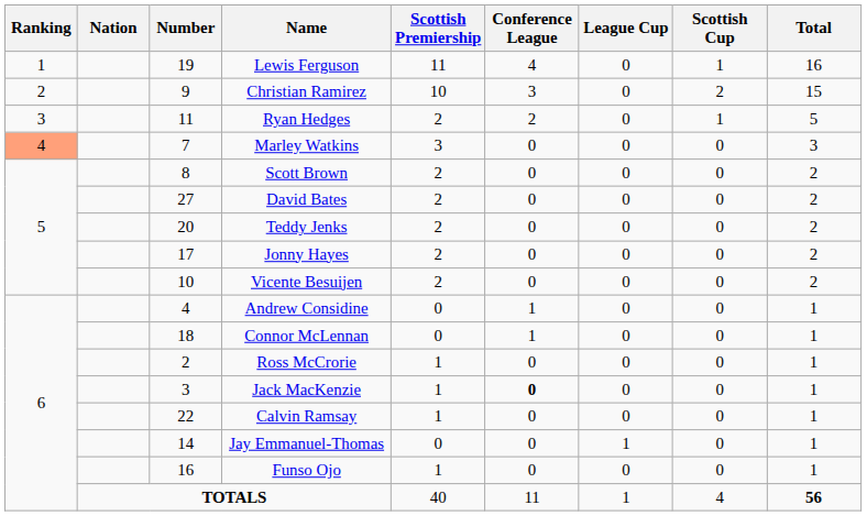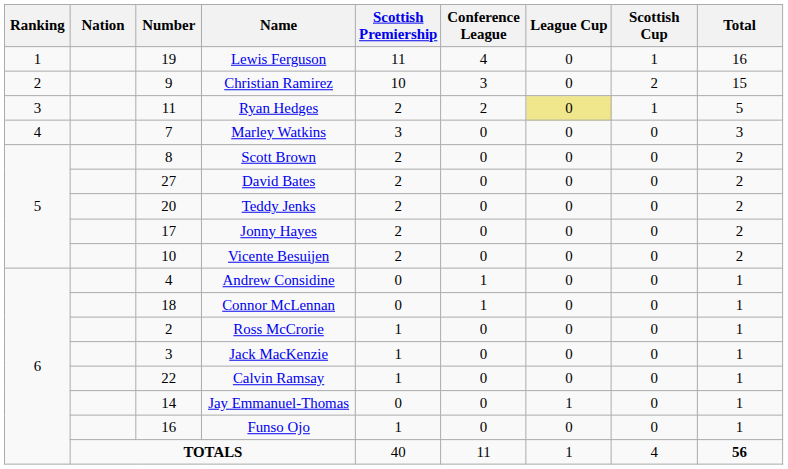 <table class="wikitable" style="font-size: 95%; text-align: center;">
 <tr>
 <th width=60>Ranking</th>
 <th width=60>Nation</th>
 <th width=60>Number</th>
 <th width=150>Name</th>
 <th width=80><a href='#'>Scottish Premiership</a></th>
 <th width=80>Conference League</th>
 <th width=80>League Cup</th>
 <th width=80>Scottish Cup</th>
 <th width=80>Total</th>
 </tr>
 <tr>
 <td rowspan=1>1</td>
 <td></td>
 <td>19</td>
 <td><a href='#'>Lewis Ferguson</a></td>
 <td>11</td>
 <td>4</td>
 <td>0</td>
 <td>1</td>
 <td>16</td>
 </tr>
 <tr>
 <td rowspan=1>2</td>
 <td></td>
 <td>9</td>
 <td><a href='#'>Christian Ramirez</a></td>
 <td>10</td>
 <td>3</td>
 <td>0</td>
 <td>2</td>
 <td>15</td>
 </tr>
 <tr>
 <td rowspan=1>3</td>
 <td></td>
 <td>11</td>
 <td><a href='#'>Ryan Hedges</a></td>
 <td>2</td>
 <td>2</td>
-<td>0</td>
+<td style="background: khaki;">0</td>
 <td>1</td>
 <td>5</td>
 </tr>
 <tr>
-<td rowspan=1 style="background: lightsalmon;">4</td>
+<td rowspan=1>4</td>
 <td></td>
 <td>7</td>
 <td><a href='#'>Marley Watkins</a></td>
 <td>3</td>
 <td>0</td>
 <td>0</td>
 <td>0</td>
 <td>3</td>
 </tr>
 <tr>
 <td rowspan=5>5</td>
 <td></td>
 <td>8</td>
 <td><a href='#'>Scott Brown</a></td>
 <td>2</td>
 <td>0</td>
 <td>0</td>
 <td>0</td>
 <td>2</td>
 </tr>
 <tr>
 <td></td>
 <td>27</td>
 <td><a href='#'>David Bates</a></td>
 <td>2</td>
 <td>0</td>
 <td>0</td>
 <td>0</td>
 <td>2</td>
 </tr>
 <tr>
 <td></td>
 <td>20</td>
 <td><a href='#'>Teddy Jenks</a></td>
 <td>2</td>
 <td>0</td>
 <td>0</td>
 <td>0</td>
 <td>2</td>
 </tr>
 <tr>
 <td></td>
 <td>17</td>
 <td><a href='#'>Jonny Hayes</a></td>
 <td>2</td>
 <td>0</td>
 <td>0</td>
 <td>0</td>
 <td>2</td>
 </tr>
 <tr>
 <td></td>
 <td>10</td>
 <td><a href='#'>Vicente Besuijen</a></td>
 <td>2</td>
 <td>0</td>
 <td>0</td>
 <td>0</td>
 <td>2</td>
 </tr>
 <tr>
 <td rowspan=9>6</td>
 <td></td>
 <td>4</td>
 <td><a href='#'>Andrew Considine</a></td>
 <td>0</td>
 <td>1</td>
 <td>0</td>
 <td>0</td>
 <td>1</td>
 </tr>
 <tr>
 <td></td>
 <td>18</td>
 <td><a href='#'>Connor McLennan</a></td>
 <td>0</td>
 <td>1</td>
 <td>0</td>
 <td>0</td>
 <td>1</td>
 </tr>
 <tr>
 <td></td>
 <td>2</td>
 <td><a href='#'>Ross McCrorie</a></td>
 <td>1</td>
 <td>0</td>
 <td>0</td>
 <td>0</td>
 <td>1</td>
 </tr>
 <tr>
 <td></td>
 <td>3</td>
 <td><a href='#'>Jack MacKenzie</a></td>
 <td>1</td>
-<td><strong>0</strong></td>
+<td>0</td>
 <td>0</td>
 <td>0</td>
 <td>1</td>
 </tr>
 <tr>
 <td></td>
 <td>22</td>
 <td><a href='#'>Calvin Ramsay</a></td>
 <td>1</td>
 <td>0</td>
 <td>0</td>
 <td>0</td>
 <td>1</td>
 </tr>
 <tr>
 <td></td>
 <td>14</td>
 <td><a href='#'>Jay Emmanuel-Thomas</a></td>
 <td>0</td>
 <td>0</td>
 <td>1</td>
 <td>0</td>
 <td>1</td>
 </tr>
 <tr>
 <td></td>
 <td>16</td>
 <td><a href='#'>Funso Ojo</a></td>
 <td>1</td>
 <td>0</td>
 <td>0</td>
 <td>0</td>
 <td>1</td>
 </tr>
 <tr>
 <td colspan=3><strong>TOTALS</strong></td>
 <td>40</td>
 <td>11</td>
 <td>1</td>
 <td>4</td>
 <td><strong>56</strong></td>
 </tr>
 </table>
